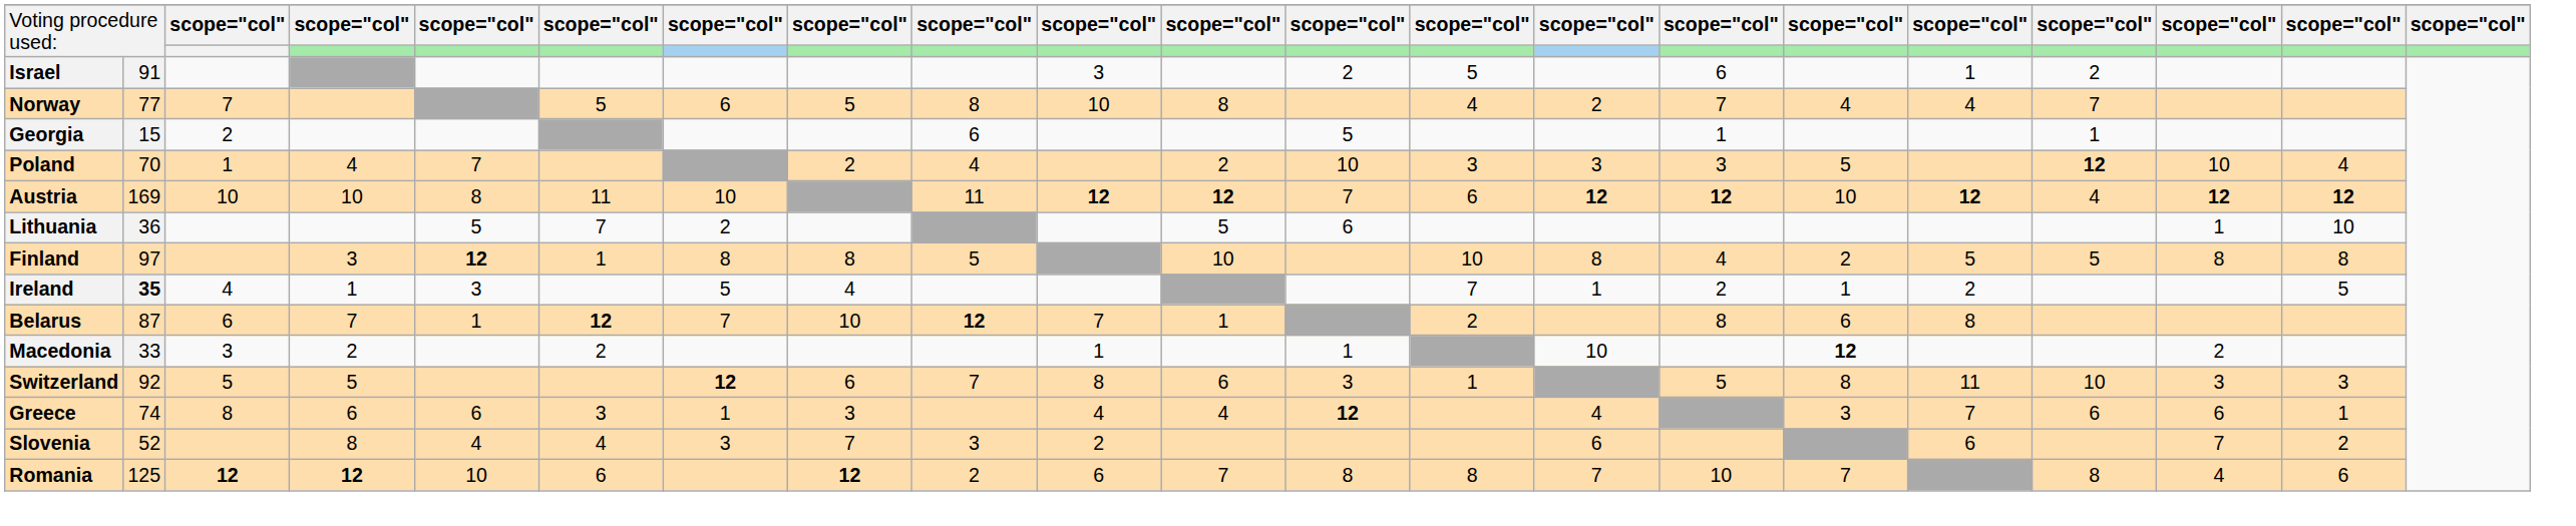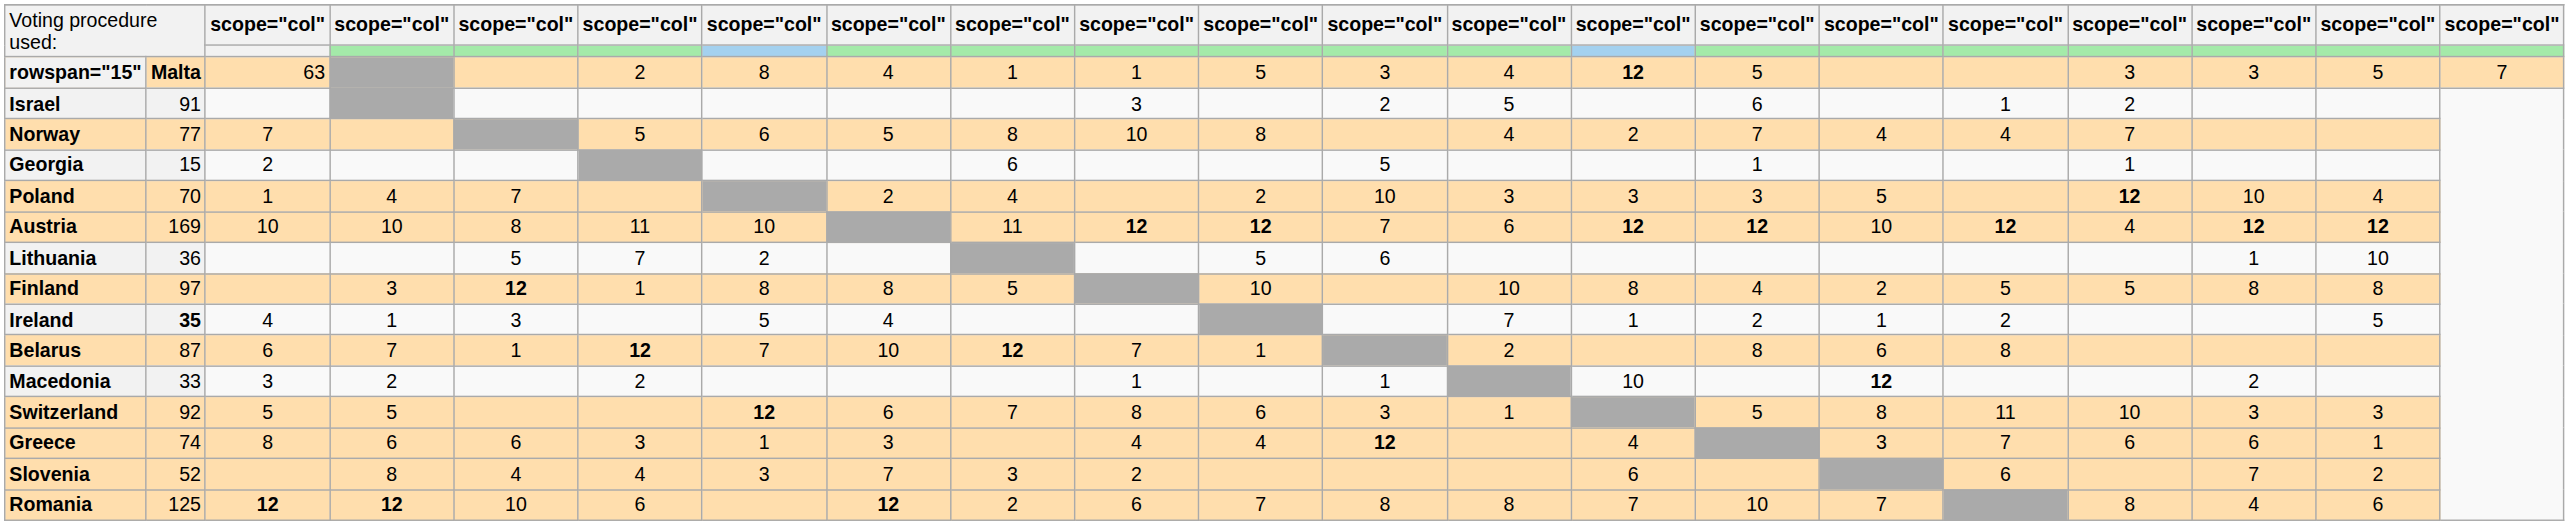 <table class="wikitable plainrowheaders" style="text-align:center; font-size:85%;">
 <tr>
 </tr>
 <tr>
 <td colspan="2" rowspan="2" style="text-align:left; background:#F2F2F2">Voting procedure used:<br></td>
 <th>scope="col" </th>
 <th>scope="col" </th>
 <th>scope="col" </th>
 <th>scope="col" </th>
 <th>scope="col" </th>
 <th>scope="col" </th>
 <th>scope="col" </th>
 <th>scope="col" </th>
 <th>scope="col" </th>
 <th>scope="col" </th>
 <th>scope="col" </th>
 <th>scope="col" </th>
 <th>scope="col" </th>
 <th>scope="col" </th>
 <th>scope="col" </th>
 <th>scope="col" </th>
 <th>scope="col" </th>
 <th>scope="col" </th>
 <th>scope="col" </th>
 </tr>
 <tr>
 <th style="height:2px; border-top:1px solid transparent;"></th>
 <td style="background:#A4EAA9;"></td>
 <td style="background:#A4EAA9;"></td>
 <td style="background:#A4EAA9;"></td>
 <td style="background:#A4D1EF;"></td>
 <td style="background:#A4EAA9;"></td>
 <td style="background:#A4EAA9;"></td>
 <td style="background:#A4EAA9;"></td>
 <td style="background:#A4EAA9;"></td>
 <td style="background:#A4EAA9;"></td>
 <td style="background:#A4EAA9;"></td>
 <td style="background:#A4D1EF;"></td>
 <td style="background:#A4EAA9;"></td>
 <td style="background:#A4EAA9;"></td>
 <td style="background:#A4EAA9;"></td>
 <td style="background:#A4EAA9;"></td>
 <td style="background:#A4EAA9;"></td>
 <td style="background:#A4EAA9;"></td>
 <td style="background:#A4EAA9;"></td>
+</tr>
+<tr style="background:#ffdead;">
+<th>rowspan="15" </th>
+<th scope="row" style="text-align:left; font-weight:bold; background:#ffdead;">Malta</th>
+<td style="text-align:right;">63</td>
+<td style="text-align:left; background:#aaa;"></td>
+<td></td>
+<td>2</td>
+<td>8</td>
+<td>4</td>
+<td>1</td>
+<td>1</td>
+<td>5</td>
+<td>3</td>
+<td>4</td>
+<td><strong>12</strong></td>
+<td>5</td>
+<td></td>
+<td></td>
+<td>3</td>
+<td>3</td>
+<td>5</td>
+<td>7</td>
 </tr>
 <tr>
 <th scope="row" style="text-align:left; background:#f2f2f2;">Israel</th>
 <td style="text-align:right; background:#f2f2f2;">91</td>
 <td></td>
 <td style="text-align:left; background:#aaa;"></td>
 <td></td>
 <td></td>
 <td></td>
 <td></td>
 <td></td>
 <td>3</td>
 <td></td>
 <td>2</td>
 <td>5</td>
 <td></td>
 <td>6</td>
 <td></td>
 <td>1</td>
 <td>2</td>
 <td></td>
 <td></td>
 </tr>
 <tr style="background:#ffdead;">
 <th scope="row" style="text-align:left; font-weight:bold; background:#ffdead;">Norway</th>
 <td style="text-align:right;">77</td>
 <td>7</td>
 <td></td>
 <td style="text-align:left; background:#aaa;"></td>
 <td>5</td>
 <td>6</td>
 <td>5</td>
 <td>8</td>
 <td>10</td>
 <td>8</td>
 <td></td>
 <td>4</td>
 <td>2</td>
 <td>7</td>
 <td>4</td>
 <td>4</td>
 <td>7</td>
 <td></td>
 <td></td>
 </tr>
 <tr>
 <th scope="row" style="text-align:left; background:#f2f2f2;">Georgia</th>
 <td style="text-align:right; background:#f2f2f2;">15</td>
 <td>2</td>
 <td></td>
 <td></td>
 <td style="text-align:left; background:#aaa;"></td>
 <td></td>
 <td></td>
 <td>6</td>
 <td></td>
 <td></td>
 <td>5</td>
 <td></td>
 <td></td>
 <td>1</td>
 <td></td>
 <td></td>
 <td>1</td>
 <td></td>
 <td></td>
 </tr>
 <tr style="background:#ffdead;">
 <th scope="row" style="text-align:left; font-weight:bold; background:#ffdead;">Poland</th>
 <td style="text-align:right;">70</td>
 <td>1</td>
 <td>4</td>
 <td>7</td>
 <td></td>
 <td style="text-align:left; background:#aaa;"></td>
 <td>2</td>
 <td>4</td>
 <td></td>
 <td>2</td>
 <td>10</td>
 <td>3</td>
 <td>3</td>
 <td>3</td>
 <td>5</td>
 <td></td>
 <td><strong>12</strong></td>
 <td>10</td>
 <td>4</td>
 </tr>
 <tr style="background:#ffdead;">
 <th scope="row" style="text-align:left; font-weight:bold; background:#ffdead;">Austria</th>
 <td style="text-align:right;">169</td>
 <td>10</td>
 <td>10</td>
 <td>8</td>
 <td>11</td>
 <td>10</td>
 <td style="text-align:left; background:#aaa;"></td>
 <td>11</td>
 <td><strong>12</strong></td>
 <td><strong>12</strong></td>
 <td>7</td>
 <td>6</td>
 <td><strong>12</strong></td>
 <td><strong>12</strong></td>
 <td>10</td>
 <td><strong>12</strong></td>
 <td>4</td>
 <td><strong>12</strong></td>
 <td><strong>12</strong></td>
 </tr>
 <tr>
 <th scope="row" style="text-align:left; background:#f2f2f2;">Lithuania</th>
 <td style="text-align:right; background:#f2f2f2;">36</td>
 <td></td>
 <td></td>
 <td>5</td>
 <td>7</td>
 <td>2</td>
 <td></td>
 <td style="text-align:left; background:#aaa;"></td>
 <td></td>
 <td>5</td>
 <td>6</td>
 <td></td>
 <td></td>
 <td></td>
 <td></td>
 <td></td>
 <td></td>
 <td>1</td>
 <td>10</td>
 </tr>
 <tr style="background:#ffdead;">
 <th scope="row" style="text-align:left; font-weight:bold; background:#ffdead;">Finland</th>
 <td style="text-align:right;">97</td>
 <td></td>
 <td>3</td>
 <td><strong>12</strong></td>
 <td>1</td>
 <td>8</td>
 <td>8</td>
 <td>5</td>
 <td style="text-align:left; background:#aaa;"></td>
 <td>10</td>
 <td></td>
 <td>10</td>
 <td>8</td>
 <td>4</td>
 <td>2</td>
 <td>5</td>
 <td>5</td>
 <td>8</td>
 <td>8</td>
 </tr>
 <tr>
 <th scope="row" style="text-align:left; background:#f2f2f2;">Ireland</th>
 <td style="text-align:right; background:#f2f2f2;"><strong>35</strong></td>
 <td>4</td>
 <td>1</td>
 <td>3</td>
 <td></td>
 <td>5</td>
 <td>4</td>
 <td></td>
 <td></td>
 <td style="text-align:left; background:#aaa;"></td>
 <td></td>
 <td>7</td>
 <td>1</td>
 <td>2</td>
 <td>1</td>
 <td>2</td>
 <td></td>
 <td></td>
 <td>5</td>
 </tr>
 <tr style="background:#ffdead;">
 <th scope="row" style="text-align:left; font-weight:bold; background:#ffdead;">Belarus</th>
 <td style="text-align:right;">87</td>
 <td>6</td>
 <td>7</td>
 <td>1</td>
 <td><strong>12</strong></td>
 <td>7</td>
 <td>10</td>
 <td><strong>12</strong></td>
 <td>7</td>
 <td>1</td>
 <td style="text-align:left; background:#aaa;"></td>
 <td>2</td>
 <td></td>
 <td>8</td>
 <td>6</td>
 <td>8</td>
 <td></td>
 <td></td>
 <td></td>
 </tr>
 <tr>
 <th scope="row" style="text-align:left; background:#f2f2f2;">Macedonia</th>
 <td style="text-align:right; background:#f2f2f2;">33</td>
 <td>3</td>
 <td>2</td>
 <td></td>
 <td>2</td>
 <td></td>
 <td></td>
 <td></td>
 <td>1</td>
 <td></td>
 <td>1</td>
 <td style="text-align:left; background:#aaa;"></td>
 <td>10</td>
 <td></td>
 <td><strong>12</strong></td>
 <td></td>
 <td></td>
 <td>2</td>
 <td></td>
 </tr>
 <tr style="background:#ffdead;">
 <th scope="row" style="text-align:left; font-weight:bold; background:#ffdead;">Switzerland</th>
 <td style="text-align:right;">92</td>
 <td>5</td>
 <td>5</td>
 <td></td>
 <td></td>
 <td><strong>12</strong></td>
 <td>6</td>
 <td>7</td>
 <td>8</td>
 <td>6</td>
 <td>3</td>
 <td>1</td>
 <td style="text-align:left; background:#aaa;"></td>
 <td>5</td>
 <td>8</td>
 <td>11</td>
 <td>10</td>
 <td>3</td>
 <td>3</td>
 </tr>
 <tr style="background:#ffdead;">
 <th scope="row" style="text-align:left; font-weight:bold; background:#ffdead;">Greece</th>
 <td style="text-align:right;">74</td>
 <td>8</td>
 <td>6</td>
 <td>6</td>
 <td>3</td>
 <td>1</td>
 <td>3</td>
 <td></td>
 <td>4</td>
 <td>4</td>
 <td><strong>12</strong></td>
 <td></td>
 <td>4</td>
 <td style="text-align:left; background:#aaa;"></td>
 <td>3</td>
 <td>7</td>
 <td>6</td>
 <td>6</td>
 <td>1</td>
 </tr>
 <tr style="background:#ffdead;">
 <th scope="row" style="text-align:left; font-weight:bold; background:#ffdead;">Slovenia</th>
 <td style="text-align:right;">52</td>
 <td></td>
 <td>8</td>
 <td>4</td>
 <td>4</td>
 <td>3</td>
 <td>7</td>
 <td>3</td>
 <td>2</td>
 <td></td>
 <td></td>
 <td></td>
 <td>6</td>
 <td></td>
 <td style="text-align:left; background:#aaa;"></td>
 <td>6</td>
 <td></td>
 <td>7</td>
 <td>2</td>
 </tr>
 <tr style="background:#ffdead;">
 <th scope="row" style="text-align:left; font-weight:bold; background:#ffdead;">Romania</th>
 <td style="text-align:right;">125</td>
 <td><strong>12</strong></td>
 <td><strong>12</strong></td>
 <td>10</td>
 <td>6</td>
 <td></td>
 <td><strong>12</strong></td>
 <td>2</td>
 <td>6</td>
 <td>7</td>
 <td>8</td>
 <td>8</td>
 <td>7</td>
 <td>10</td>
 <td>7</td>
 <td style="text-align:left; background:#aaa;"></td>
 <td>8</td>
 <td>4</td>
 <td>6</td>
 </tr>
 </table>
